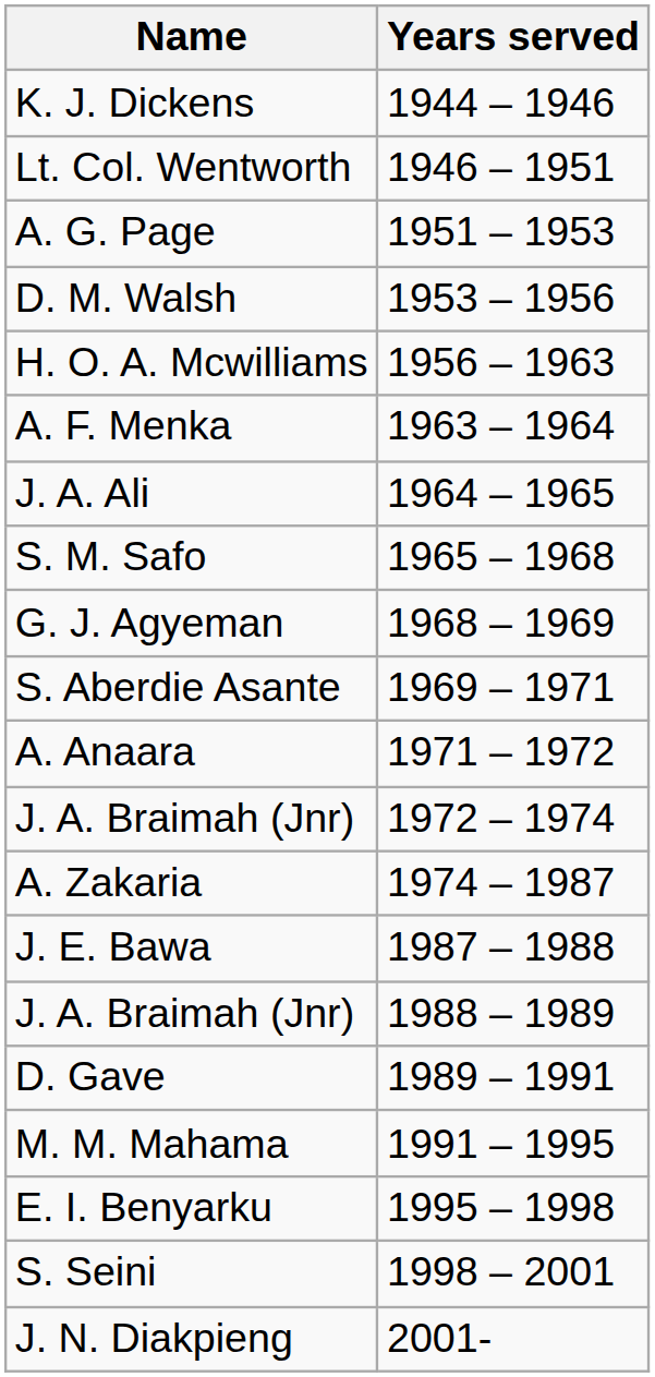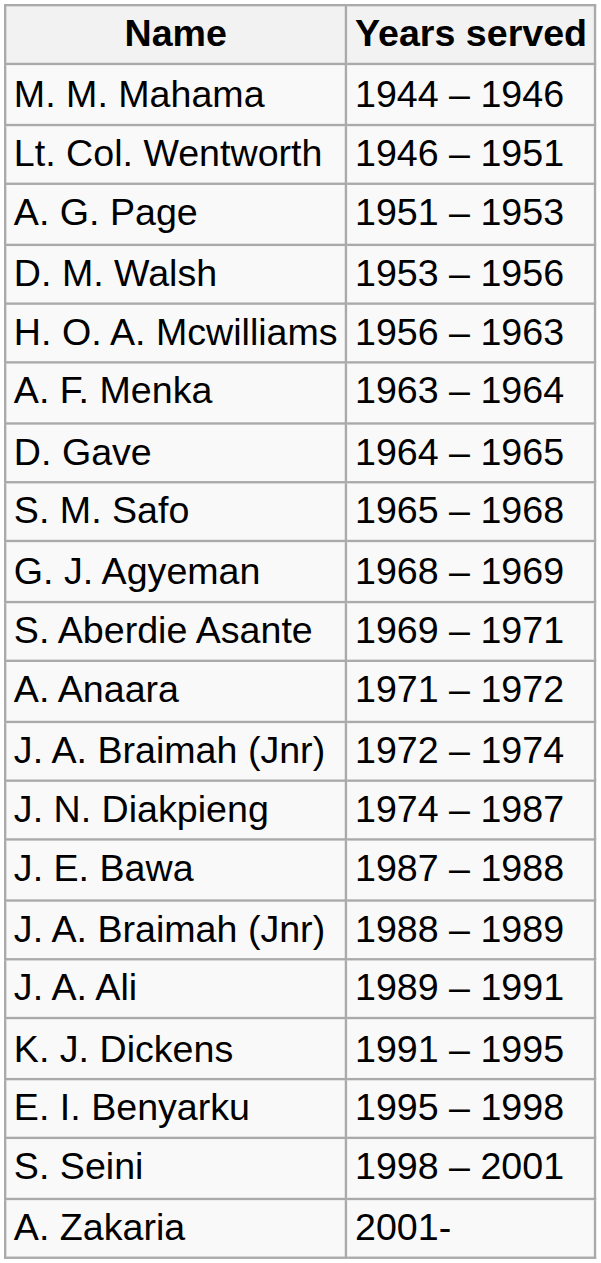 <table class="wikitable">
 <tr>
 <th>Name</th>
 <th>Years served</th>
 </tr>
 <tr>
-<td>K. J. Dickens</td>
+<td>M. M. Mahama</td>
 <td>1944 – 1946</td>
 </tr>
 <tr>
 <td>Lt. Col. Wentworth</td>
 <td>1946 – 1951</td>
 </tr>
 <tr>
 <td>A. G. Page</td>
 <td>1951 – 1953</td>
 </tr>
 <tr>
 <td>D. M. Walsh</td>
 <td>1953 – 1956</td>
 </tr>
 <tr>
 <td>H. O. A. Mcwilliams</td>
 <td>1956 – 1963</td>
 </tr>
 <tr>
 <td>A. F. Menka</td>
 <td>1963 – 1964</td>
 </tr>
 <tr>
-<td>J. A. Ali</td>
+<td>D. Gave</td>
 <td>1964 – 1965</td>
 </tr>
 <tr>
 <td>S. M. Safo</td>
 <td>1965 – 1968</td>
 </tr>
 <tr>
 <td>G. J. Agyeman</td>
 <td>1968 – 1969</td>
 </tr>
 <tr>
 <td>S. Aberdie Asante</td>
 <td>1969 – 1971</td>
 </tr>
 <tr>
 <td>A. Anaara</td>
 <td>1971 – 1972</td>
 </tr>
 <tr>
 <td>J. A. Braimah (Jnr)</td>
 <td>1972 – 1974</td>
 </tr>
 <tr>
-<td>A. Zakaria</td>
+<td>J. N. Diakpieng</td>
 <td>1974 – 1987</td>
 </tr>
 <tr>
 <td>J. E. Bawa</td>
 <td>1987 – 1988</td>
 </tr>
 <tr>
 <td>J. A. Braimah (Jnr)</td>
 <td>1988 – 1989</td>
 </tr>
 <tr>
-<td>D. Gave</td>
+<td>J. A. Ali</td>
 <td>1989 – 1991</td>
 </tr>
 <tr>
-<td>M. M. Mahama</td>
+<td>K. J. Dickens</td>
 <td>1991 – 1995</td>
 </tr>
 <tr>
 <td>E. I. Benyarku</td>
 <td>1995 – 1998</td>
 </tr>
 <tr>
 <td>S. Seini</td>
 <td>1998 – 2001</td>
 </tr>
 <tr>
-<td>J. N. Diakpieng</td>
+<td>A. Zakaria</td>
 <td>2001-</td>
 </tr>
 </table>
